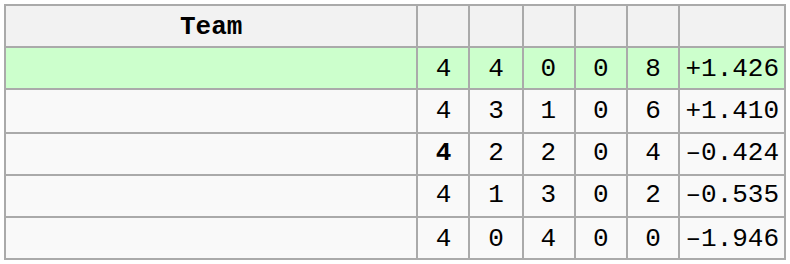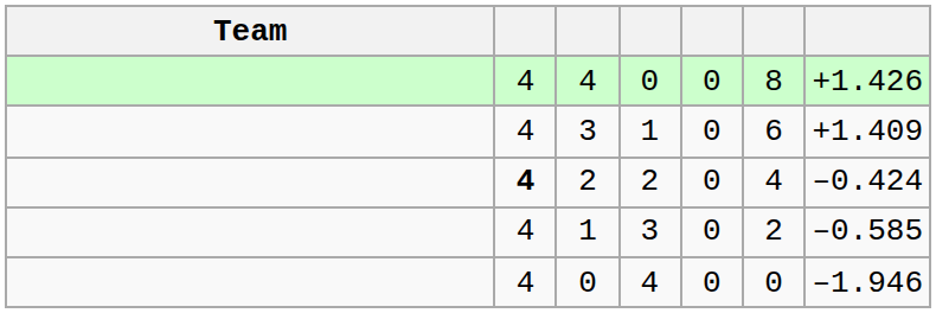 <table class="wikitable" style="text-align:center">
 <tr>
 <th width=200>Team</th>
 <th width=20></th>
 <th width=20></th>
 <th width=20></th>
 <th width=20></th>
 <th width=20></th>
 <th width=45></th>
 </tr>
 <tr style="background:#cfc">
 <td style="text-align:left;"></td>
 <td>4</td>
 <td>4</td>
 <td>0</td>
 <td>0</td>
 <td>8</td>
 <td>+1.426</td>
 </tr>
 <tr>
 <td style="text-align:left;"></td>
 <td>4</td>
 <td>3</td>
 <td>1</td>
 <td>0</td>
 <td>6</td>
-<td>+1.410</td>
+<td>+1.409</td>
 </tr>
 <tr>
 <td style="text-align:left;"></td>
 <td><strong>4</strong></td>
 <td>2</td>
 <td>2</td>
 <td>0</td>
 <td>4</td>
 <td>–0.424</td>
 </tr>
 <tr>
 <td style="text-align:left;"></td>
 <td>4</td>
 <td>1</td>
 <td>3</td>
 <td>0</td>
 <td>2</td>
-<td>–0.535</td>
+<td>–0.585</td>
 </tr>
 <tr>
 <td style="text-align:left;"></td>
 <td>4</td>
 <td>0</td>
 <td>4</td>
 <td>0</td>
 <td>0</td>
 <td>–1.946</td>
 </tr>
 </table>
